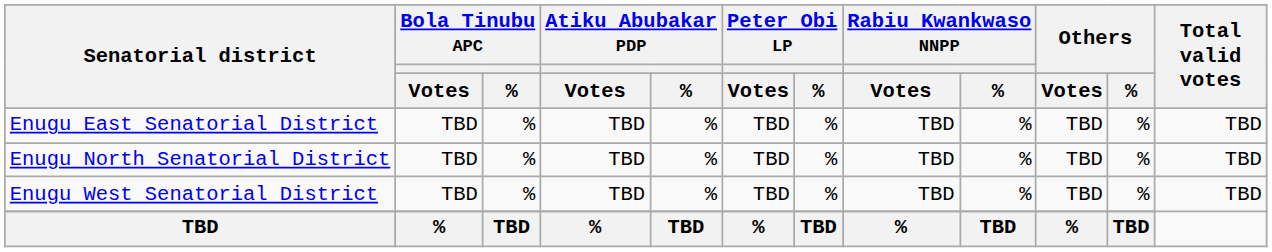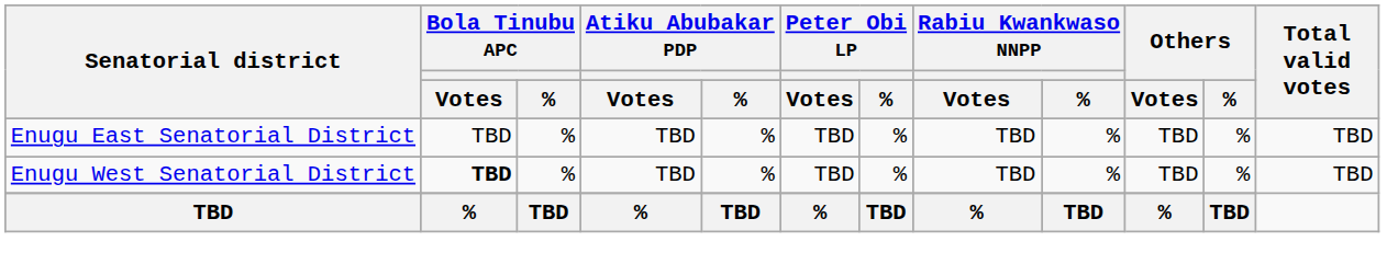 <table class="wikitable sortable" style="text-align:right; font-size:90%">
 <tr>
 <th rowspan="3" style="max-width:7.5em;">Senatorial district</th>
 <th colspan="2"><a href='#'>Bola Tinubu</a><br><small>APC</small></th>
 <th colspan="2"><a href='#'>Atiku Abubakar</a><br><small>PDP</small></th>
 <th colspan="2"><a href='#'>Peter Obi</a><br><small>LP</small></th>
 <th colspan="2"><a href='#'>Rabiu Kwankwaso</a><br><small>NNPP</small></th>
 <th colspan="2" rowspan="2">Others</th>
 <th rowspan="3" style="max-width:5em;">Total valid votes</th>
 </tr>
 <tr>
 <th colspan=2 style="background-color:"></th>
 <th colspan=2 style="background-color:"></th>
 <th colspan=2 style="background-color:"></th>
 <th colspan=2 style="background-color:"></th>
 </tr>
 <tr>
 <th>Votes</th>
 <th>%</th>
 <th>Votes</th>
 <th>%</th>
 <th>Votes</th>
 <th>%</th>
 <th>Votes</th>
 <th>%</th>
 <th>Votes</th>
 <th>%</th>
 </tr>
 <tr style="background-color:#">
 <td style="text-align:left;"><a href='#'>Enugu East Senatorial District</a></td>
 <td>TBD</td>
 <td>%</td>
 <td>TBD</td>
 <td>%</td>
 <td>TBD</td>
 <td>%</td>
 <td>TBD</td>
 <td>%</td>
 <td>TBD</td>
 <td>%</td>
 <td>TBD</td>
 </tr>
 <tr style="background-color:#">
-<td style="text-align:left;"><a href='#'>Enugu North Senatorial District</a></td>
-<td>TBD</td>
-<td>%</td>
-<td>TBD</td>
-<td>%</td>
-<td>TBD</td>
-<td>%</td>
-<td>TBD</td>
-<td>%</td>
-<td>TBD</td>
-<td>%</td>
-<td>TBD</td>
-</tr>
-<tr style="background-color:#">
 <td style="text-align:left;"><a href='#'>Enugu West Senatorial District</a></td>
-<td>TBD</td>
+<td><strong>TBD</strong></td>
 <td>%</td>
 <td>TBD</td>
 <td>%</td>
 <td>TBD</td>
 <td>%</td>
 <td>TBD</td>
 <td>%</td>
 <td>TBD</td>
 <td>%</td>
 <td>TBD</td>
 </tr>
 <tr>
 </tr>
 <tr>
 <th>TBD</th>
 <th>%</th>
 <th>TBD</th>
 <th>%</th>
 <th>TBD</th>
 <th>%</th>
 <th>TBD</th>
 <th>%</th>
 <th>TBD</th>
 <th>%</th>
 <th>TBD</th>
 </tr>
 </table>
